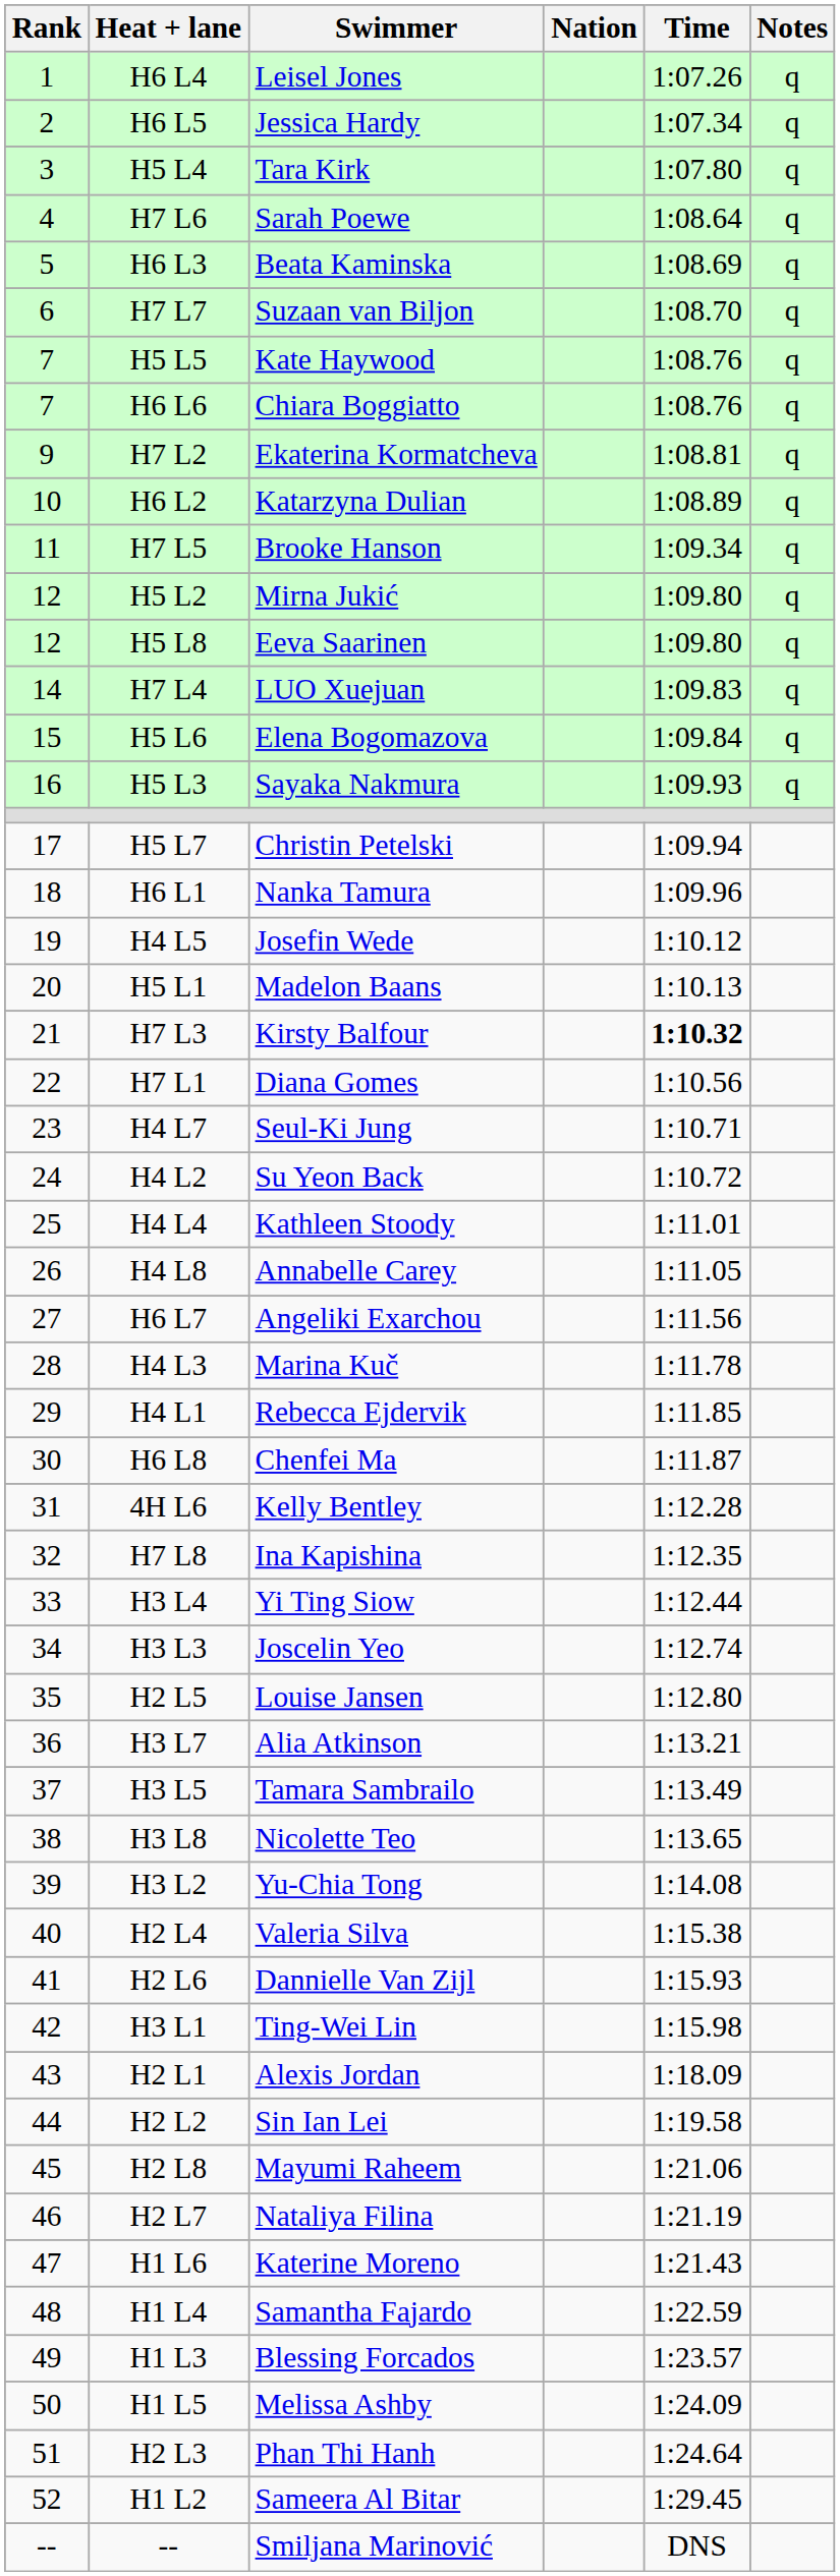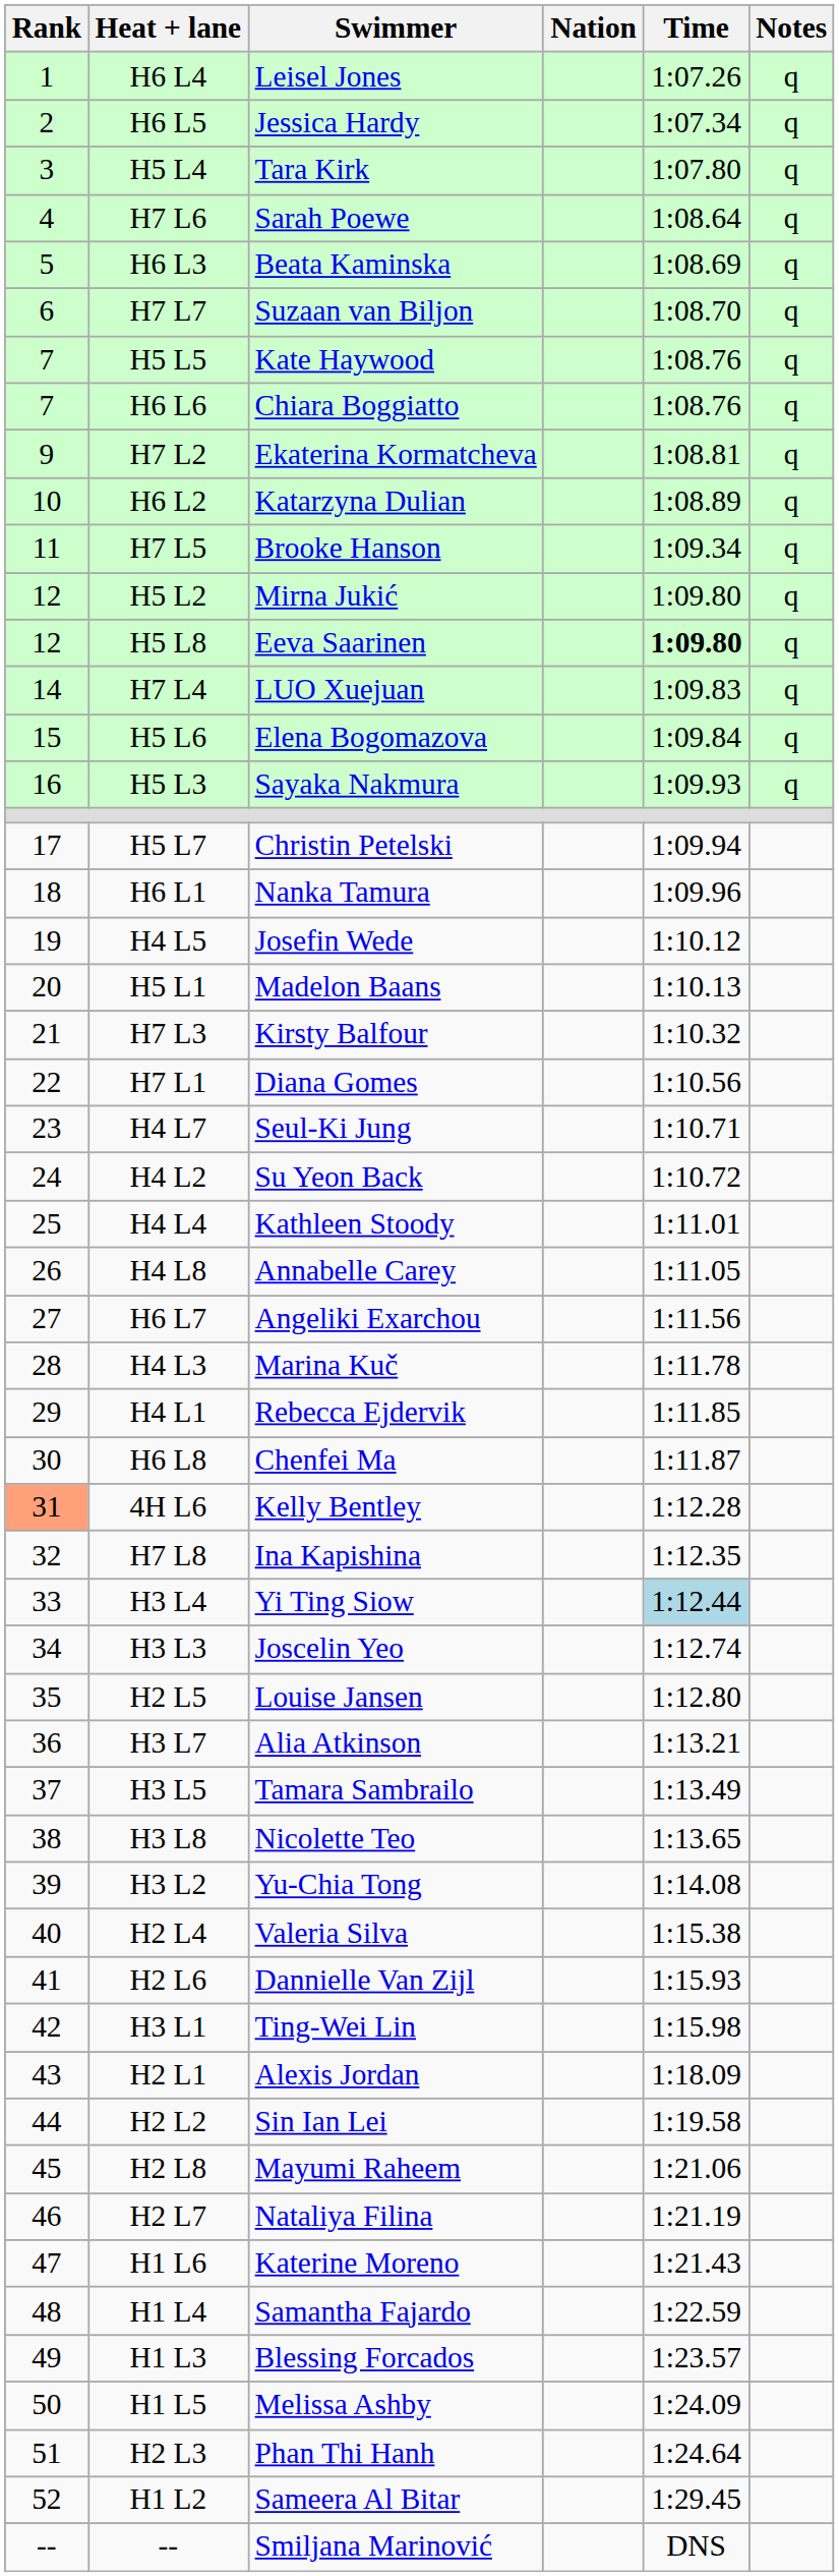 <table class="wikitable sortable" style="text-align:center">
 <tr>
 <th>Rank</th>
 <th>Heat + lane</th>
 <th>Swimmer</th>
 <th>Nation</th>
 <th>Time</th>
 <th>Notes</th>
 </tr>
 <tr bgcolor=ccffcc>
 <td>1</td>
 <td>H6 L4</td>
 <td align=left><a href='#'>Leisel Jones</a></td>
 <td align=left></td>
 <td>1:07.26</td>
 <td>q</td>
 </tr>
 <tr bgcolor=ccffcc>
 <td>2</td>
 <td>H6 L5</td>
 <td align=left><a href='#'>Jessica Hardy</a></td>
 <td align=left></td>
 <td>1:07.34</td>
 <td>q</td>
 </tr>
 <tr bgcolor=ccffcc>
 <td>3</td>
 <td>H5 L4</td>
 <td align=left><a href='#'>Tara Kirk</a></td>
 <td align=left></td>
 <td>1:07.80</td>
 <td>q</td>
 </tr>
 <tr bgcolor=ccffcc>
 <td>4</td>
 <td>H7 L6</td>
 <td align=left><a href='#'>Sarah Poewe</a></td>
 <td align=left></td>
 <td>1:08.64</td>
 <td>q</td>
 </tr>
 <tr bgcolor=ccffcc>
 <td>5</td>
 <td>H6 L3</td>
 <td align=left><a href='#'>Beata Kaminska</a></td>
 <td align=left></td>
 <td>1:08.69</td>
 <td>q</td>
 </tr>
 <tr bgcolor=ccffcc>
 <td>6</td>
 <td>H7 L7</td>
 <td align=left><a href='#'>Suzaan van Biljon</a></td>
 <td align=left></td>
 <td>1:08.70</td>
 <td>q</td>
 </tr>
 <tr bgcolor=ccffcc>
 <td>7</td>
 <td>H5 L5</td>
 <td align=left><a href='#'>Kate Haywood</a></td>
 <td align=left></td>
 <td>1:08.76</td>
 <td>q</td>
 </tr>
 <tr bgcolor=ccffcc>
 <td>7</td>
 <td>H6 L6</td>
 <td align=left><a href='#'>Chiara Boggiatto</a></td>
 <td align=left></td>
 <td>1:08.76</td>
 <td>q</td>
 </tr>
 <tr bgcolor=ccffcc>
 <td>9</td>
 <td>H7 L2</td>
 <td align=left><a href='#'>Ekaterina Kormatcheva</a></td>
 <td align=left></td>
 <td>1:08.81</td>
 <td>q</td>
 </tr>
 <tr bgcolor=ccffcc>
 <td>10</td>
 <td>H6 L2</td>
 <td align=left><a href='#'>Katarzyna Dulian</a></td>
 <td align=left></td>
 <td>1:08.89</td>
 <td>q</td>
 </tr>
 <tr bgcolor=ccffcc>
 <td>11</td>
 <td>H7 L5</td>
 <td align=left><a href='#'>Brooke Hanson</a></td>
 <td align=left></td>
 <td>1:09.34</td>
 <td>q</td>
 </tr>
 <tr bgcolor=ccffcc>
 <td>12</td>
 <td>H5 L2</td>
 <td align=left><a href='#'>Mirna Jukić</a></td>
 <td align=left></td>
 <td>1:09.80</td>
 <td>q</td>
 </tr>
 <tr bgcolor=ccffcc>
 <td>12</td>
 <td>H5 L8</td>
 <td align=left><a href='#'>Eeva Saarinen</a></td>
 <td align=left></td>
-<td>1:09.80</td>
+<td><strong>1:09.80</strong></td>
 <td>q</td>
 </tr>
 <tr bgcolor=ccffcc>
 <td>14</td>
 <td>H7 L4</td>
 <td align=left><a href='#'>LUO Xuejuan</a></td>
 <td align=left></td>
 <td>1:09.83</td>
 <td>q</td>
 </tr>
 <tr bgcolor=ccffcc>
 <td>15</td>
 <td>H5 L6</td>
 <td align=left><a href='#'>Elena Bogomazova</a></td>
 <td align=left></td>
 <td>1:09.84</td>
 <td>q</td>
 </tr>
 <tr bgcolor=ccffcc>
 <td>16</td>
 <td>H5 L3</td>
 <td align=left><a href='#'>Sayaka Nakmura</a></td>
 <td align=left></td>
 <td>1:09.93</td>
 <td>q</td>
 </tr>
 <tr bgcolor=#DDDDDD>
 <td colspan=6></td>
 </tr>
 <tr>
 <td>17</td>
 <td>H5 L7</td>
 <td align=left><a href='#'>Christin Petelski</a></td>
 <td align=left></td>
 <td>1:09.94</td>
 <td></td>
 </tr>
 <tr>
 <td>18</td>
 <td>H6 L1</td>
 <td align=left><a href='#'>Nanka Tamura</a></td>
 <td align=left></td>
 <td>1:09.96</td>
 <td></td>
 </tr>
 <tr>
 <td>19</td>
 <td>H4 L5</td>
 <td align=left><a href='#'>Josefin Wede</a></td>
 <td align=left></td>
 <td>1:10.12</td>
 <td></td>
 </tr>
 <tr>
 <td>20</td>
 <td>H5 L1</td>
 <td align=left><a href='#'>Madelon Baans</a></td>
 <td align=left></td>
 <td>1:10.13</td>
 <td></td>
 </tr>
 <tr>
 <td>21</td>
 <td>H7 L3</td>
 <td align=left><a href='#'>Kirsty Balfour</a></td>
 <td align=left></td>
-<td><strong>1:10.32</strong></td>
+<td>1:10.32</td>
 <td></td>
 </tr>
 <tr>
 <td>22</td>
 <td>H7 L1</td>
 <td align=left><a href='#'>Diana Gomes</a></td>
 <td align=left></td>
 <td>1:10.56</td>
 <td></td>
 </tr>
 <tr>
 <td>23</td>
 <td>H4 L7</td>
 <td align=left><a href='#'>Seul-Ki Jung</a></td>
 <td align=left></td>
 <td>1:10.71</td>
 <td></td>
 </tr>
 <tr>
 <td>24</td>
 <td>H4 L2</td>
 <td align=left><a href='#'>Su Yeon Back</a></td>
 <td align=left></td>
 <td>1:10.72</td>
 <td></td>
 </tr>
 <tr>
 <td>25</td>
 <td>H4 L4</td>
 <td align=left><a href='#'>Kathleen Stoody</a></td>
 <td align=left></td>
 <td>1:11.01</td>
 <td></td>
 </tr>
 <tr>
 <td>26</td>
 <td>H4 L8</td>
 <td align=left><a href='#'>Annabelle Carey</a></td>
 <td align=left></td>
 <td>1:11.05</td>
 <td></td>
 </tr>
 <tr>
 <td>27</td>
 <td>H6 L7</td>
 <td align=left><a href='#'>Angeliki Exarchou</a></td>
 <td align=left></td>
 <td>1:11.56</td>
 <td></td>
 </tr>
 <tr>
 <td>28</td>
 <td>H4 L3</td>
 <td align=left><a href='#'>Marina Kuč</a></td>
 <td align=left></td>
 <td>1:11.78</td>
 <td></td>
 </tr>
 <tr>
 <td>29</td>
 <td>H4 L1</td>
 <td align=left><a href='#'>Rebecca Ejdervik</a></td>
 <td align=left></td>
 <td>1:11.85</td>
 <td></td>
 </tr>
 <tr>
 <td>30</td>
 <td>H6 L8</td>
 <td align=left><a href='#'>Chenfei Ma</a></td>
 <td align=left></td>
 <td>1:11.87</td>
 <td></td>
 </tr>
 <tr>
-<td>31</td>
+<td style="background: lightsalmon;">31</td>
 <td>4H L6</td>
 <td align=left><a href='#'>Kelly Bentley</a></td>
 <td align=left></td>
 <td>1:12.28</td>
 <td></td>
 </tr>
 <tr>
 <td>32</td>
 <td>H7 L8</td>
 <td align=left><a href='#'>Ina Kapishina</a></td>
 <td align=left></td>
 <td>1:12.35</td>
 <td></td>
 </tr>
 <tr>
 <td>33</td>
 <td>H3 L4</td>
 <td align=left><a href='#'>Yi Ting Siow</a></td>
 <td align=left></td>
-<td>1:12.44</td>
+<td style="background: lightblue;">1:12.44</td>
 <td></td>
 </tr>
 <tr>
 <td>34</td>
 <td>H3 L3</td>
 <td align=left><a href='#'>Joscelin Yeo</a></td>
 <td align=left></td>
 <td>1:12.74</td>
 <td></td>
 </tr>
 <tr>
 <td>35</td>
 <td>H2 L5</td>
 <td align=left><a href='#'>Louise Jansen</a></td>
 <td align=left></td>
 <td>1:12.80</td>
 <td></td>
 </tr>
 <tr>
 <td>36</td>
 <td>H3 L7</td>
 <td align=left><a href='#'>Alia Atkinson</a></td>
 <td align=left></td>
 <td>1:13.21</td>
 <td></td>
 </tr>
 <tr>
 <td>37</td>
 <td>H3 L5</td>
 <td align=left><a href='#'>Tamara Sambrailo</a></td>
 <td align=left></td>
 <td>1:13.49</td>
 <td></td>
 </tr>
 <tr>
 <td>38</td>
 <td>H3 L8</td>
 <td align=left><a href='#'>Nicolette Teo</a></td>
 <td align=left></td>
 <td>1:13.65</td>
 <td></td>
 </tr>
 <tr>
 <td>39</td>
 <td>H3 L2</td>
 <td align=left><a href='#'>Yu-Chia Tong</a></td>
 <td align=left></td>
 <td>1:14.08</td>
 <td></td>
 </tr>
 <tr>
 <td>40</td>
 <td>H2 L4</td>
 <td align=left><a href='#'>Valeria Silva</a></td>
 <td align=left></td>
 <td>1:15.38</td>
 <td></td>
 </tr>
 <tr>
 <td>41</td>
 <td>H2 L6</td>
 <td align=left><a href='#'>Dannielle Van Zijl</a></td>
 <td align=left></td>
 <td>1:15.93</td>
 <td></td>
 </tr>
 <tr>
 <td>42</td>
 <td>H3 L1</td>
 <td align=left><a href='#'>Ting-Wei Lin</a></td>
 <td align=left></td>
 <td>1:15.98</td>
 <td></td>
 </tr>
 <tr>
 <td>43</td>
 <td>H2 L1</td>
 <td align=left><a href='#'>Alexis Jordan</a></td>
 <td align=left></td>
 <td>1:18.09</td>
 <td></td>
 </tr>
 <tr>
 <td>44</td>
 <td>H2 L2</td>
 <td align=left><a href='#'>Sin Ian Lei</a></td>
 <td align=left></td>
 <td>1:19.58</td>
 <td></td>
 </tr>
 <tr>
 <td>45</td>
 <td>H2 L8</td>
 <td align=left><a href='#'>Mayumi Raheem</a></td>
 <td align=left></td>
 <td>1:21.06</td>
 <td></td>
 </tr>
 <tr>
 <td>46</td>
 <td>H2 L7</td>
 <td align=left><a href='#'>Nataliya Filina</a></td>
 <td align=left></td>
 <td>1:21.19</td>
 <td></td>
 </tr>
 <tr>
 <td>47</td>
 <td>H1 L6</td>
 <td align=left><a href='#'>Katerine Moreno</a></td>
 <td align=left></td>
 <td>1:21.43</td>
 <td></td>
 </tr>
 <tr>
 <td>48</td>
 <td>H1 L4</td>
 <td align=left><a href='#'>Samantha Fajardo</a></td>
 <td align=left></td>
 <td>1:22.59</td>
 <td></td>
 </tr>
 <tr>
 <td>49</td>
 <td>H1 L3</td>
 <td align=left><a href='#'>Blessing Forcados</a></td>
 <td align=left></td>
 <td>1:23.57</td>
 <td></td>
 </tr>
 <tr>
 <td>50</td>
 <td>H1 L5</td>
 <td align=left><a href='#'>Melissa Ashby</a></td>
 <td align=left></td>
 <td>1:24.09</td>
 <td></td>
 </tr>
 <tr>
 <td>51</td>
 <td>H2 L3</td>
 <td align=left><a href='#'>Phan Thi Hanh</a></td>
 <td align=left></td>
 <td>1:24.64</td>
 <td></td>
 </tr>
 <tr>
 <td>52</td>
 <td>H1 L2</td>
 <td align=left><a href='#'>Sameera Al Bitar</a></td>
 <td align=left></td>
 <td>1:29.45</td>
 <td></td>
 </tr>
 <tr>
 <td>--</td>
 <td>--</td>
 <td align=left><a href='#'>Smiljana Marinović</a></td>
 <td align=left></td>
 <td>DNS</td>
 <td></td>
 </tr>
 <tr>
 </tr>
 </table>
